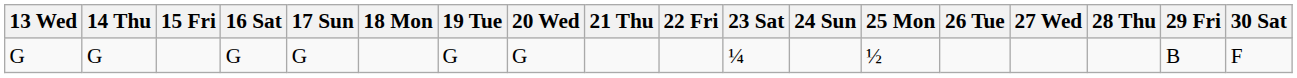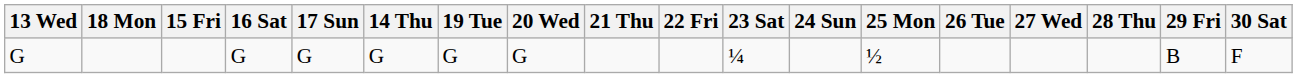 <table class="wikitable olympic-schedule football">
 <tr>
 <th>13 Wed</th>
-<th>14 Thu</th>
+<th>18 Mon</th>
 <th>15 Fri</th>
 <th>16 Sat</th>
 <th>17 Sun</th>
-<th>18 Mon</th>
+<th>14 Thu</th>
 <th>19 Tue</th>
 <th>20 Wed</th>
 <th>21 Thu</th>
 <th>22 Fri</th>
 <th>23 Sat</th>
 <th>24 Sun</th>
 <th>25 Mon</th>
 <th>26 Tue</th>
 <th>27 Wed</th>
 <th>28 Thu</th>
 <th>29 Fri</th>
 <th>30 Sat</th>
 </tr>
 <tr>
 <td class="team-group">G</td>
-<td class="team-group">G</td>
+<td></td>
 <td></td>
 <td class="team-group">G</td>
 <td class="team-group">G</td>
-<td></td>
+<td class="team-group">G</td>
 <td class="team-group">G</td>
 <td class="team-group">G</td>
 <td></td>
 <td></td>
 <td class="team-qf">¼</td>
 <td></td>
 <td class="team-sf">½</td>
 <td></td>
 <td></td>
 <td></td>
 <td class="team-bronze">B</td>
 <td class="team-final">F</td>
 </tr>
 </table>
